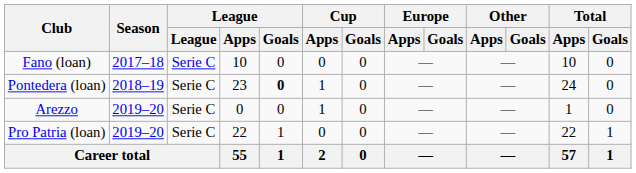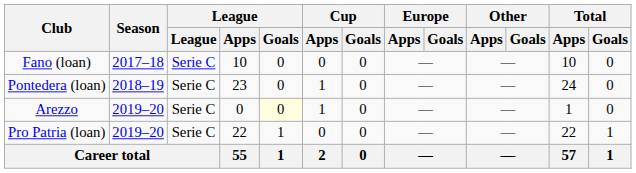 <table class="wikitable" style="text-align: center;">
 <tr>
 <th rowspan="2">Club</th>
 <th rowspan="2">Season</th>
 <th colspan="3">League</th>
 <th colspan="2">Cup</th>
 <th colspan="2">Europe</th>
 <th colspan="2">Other</th>
 <th colspan="2">Total</th>
 </tr>
 <tr>
 <th>League</th>
 <th>Apps</th>
 <th>Goals</th>
 <th>Apps</th>
 <th>Goals</th>
 <th>Apps</th>
 <th>Goals</th>
 <th>Apps</th>
 <th>Goals</th>
 <th>Apps</th>
 <th>Goals</th>
 </tr>
 <tr>
 <td><a href='#'>Fano</a> (loan)</td>
 <td><a href='#'>2017–18</a></td>
 <td><a href='#'>Serie C</a></td>
 <td>10</td>
 <td>0</td>
 <td>0</td>
 <td>0</td>
 <td colspan="2">—</td>
 <td colspan="2">—</td>
 <td>10</td>
 <td>0</td>
 </tr>
 <tr>
 <td><a href='#'>Pontedera</a> (loan)</td>
 <td><a href='#'>2018–19</a></td>
 <td>Serie C</td>
 <td>23</td>
-<td><strong>0</strong></td>
+<td>0</td>
 <td>1</td>
 <td>0</td>
 <td colspan="2">—</td>
 <td colspan="2">—</td>
 <td>24</td>
 <td>0</td>
 </tr>
 <tr>
 <td><a href='#'>Arezzo</a></td>
 <td><a href='#'>2019–20</a></td>
 <td>Serie C</td>
 <td>0</td>
-<td>0</td>
+<td style="background: lightyellow;">0</td>
 <td>1</td>
 <td>0</td>
 <td colspan="2">—</td>
 <td colspan="2">—</td>
 <td>1</td>
 <td>0</td>
 </tr>
 <tr>
 <td><a href='#'>Pro Patria</a> (loan)</td>
 <td><a href='#'>2019–20</a></td>
 <td>Serie C</td>
 <td>22</td>
 <td>1</td>
 <td>0</td>
 <td>0</td>
 <td colspan="2">—</td>
 <td colspan="2">—</td>
 <td>22</td>
 <td>1</td>
 </tr>
 <tr>
 <th colspan="3">Career total</th>
 <th>55</th>
 <th>1</th>
 <th>2</th>
 <th>0</th>
 <th colspan="2">—</th>
 <th colspan="2">—</th>
 <th>57</th>
 <th>1</th>
 </tr>
 </table>
